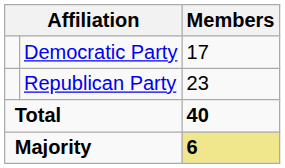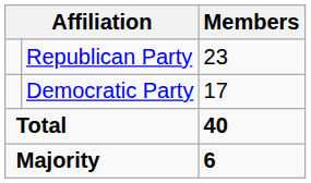 <table class="wikitable">
 <tr>
 <th colspan="2">Affiliation</th>
 <th>Members</th>
 </tr>
 <tr>
 <td style="background-color:"> </td>
-<td><a href='#'>Democratic Party</a></td>
-<td>17</td>
+<td><a href='#'>Republican Party</a></td>
+<td>23</td>
 </tr>
 <tr>
 <td style="background-color:"> </td>
-<td><a href='#'>Republican Party</a></td>
-<td>23</td>
+<td><a href='#'>Democratic Party</a></td>
+<td>17</td>
 </tr>
 <tr>
 <td colspan="2" rowspan="1"> <strong>Total</strong></td>
 <td><strong>40</strong></td>
 </tr>
 <tr>
 <td colspan="2" rowspan="1"> <strong>Majority</strong></td>
-<td style="background: khaki;"><strong>6</strong></td>
+<td><strong>6</strong></td>
 </tr>
 </table>
